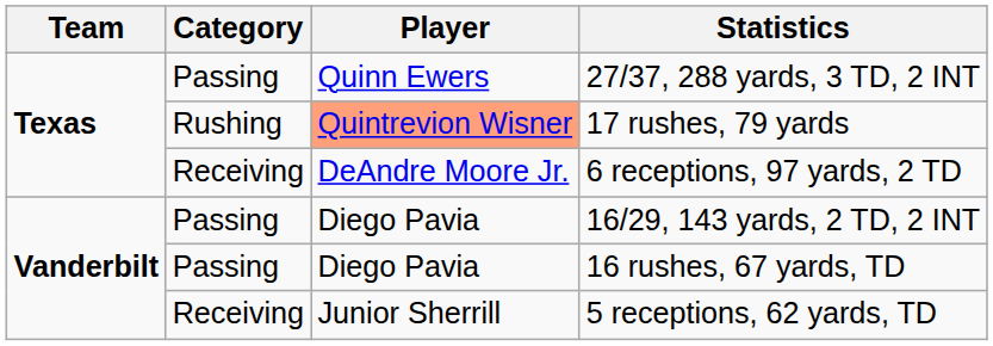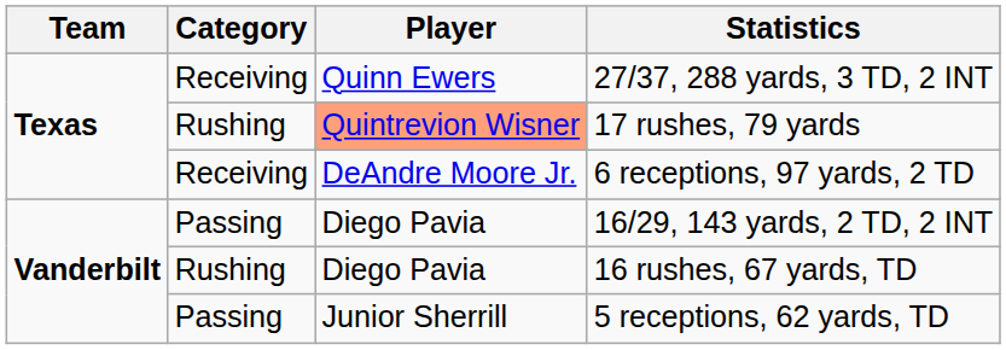 <table class="wikitable" style="float: right;">
 <tr>
 <th>Team</th>
 <th>Category</th>
 <th>Player</th>
 <th>Statistics</th>
 </tr>
 <tr>
 <td rowspan=3><strong>Texas</strong></td>
-<td>Passing</td>
+<td>Receiving</td>
 <td><a href='#'>Quinn Ewers</a></td>
 <td>27/37, 288 yards, 3 TD, 2 INT</td>
 </tr>
 <tr>
 <td>Rushing</td>
 <td style="background: lightsalmon;"><a href='#'>Quintrevion Wisner</a></td>
 <td>17 rushes, 79 yards</td>
 </tr>
 <tr>
 <td>Receiving</td>
 <td><a href='#'>DeAndre Moore Jr.</a></td>
 <td>6 receptions, 97 yards, 2 TD</td>
 </tr>
 <tr>
 <td rowspan=3><strong>Vanderbilt</strong></td>
 <td>Passing</td>
 <td>Diego Pavia</td>
 <td>16/29, 143 yards, 2 TD, 2 INT</td>
 </tr>
 <tr>
-<td>Passing</td>
+<td>Rushing</td>
 <td>Diego Pavia</td>
 <td>16 rushes, 67 yards, TD</td>
 </tr>
 <tr>
-<td>Receiving</td>
+<td>Passing</td>
 <td>Junior Sherrill</td>
 <td>5 receptions, 62 yards, TD</td>
 </tr>
 </table>
